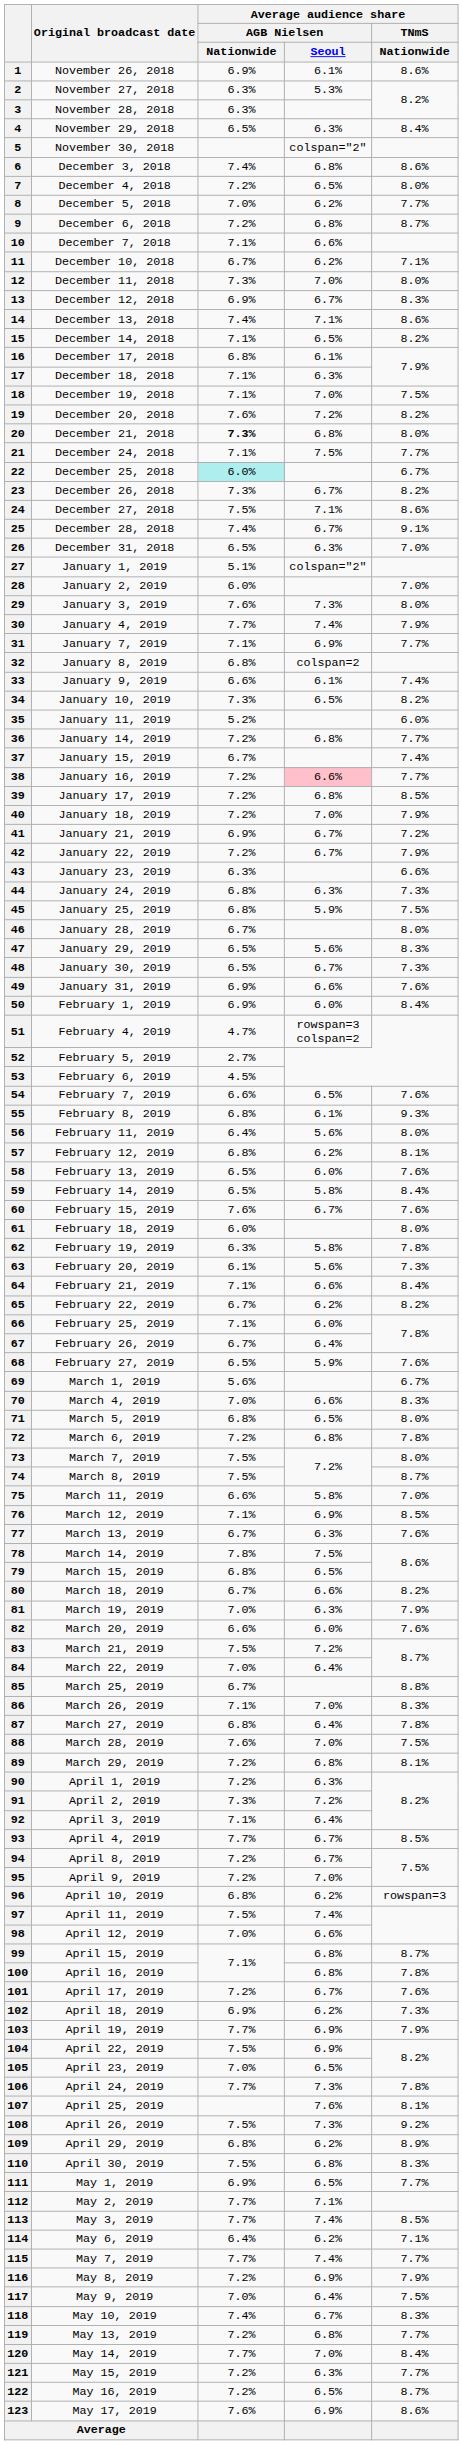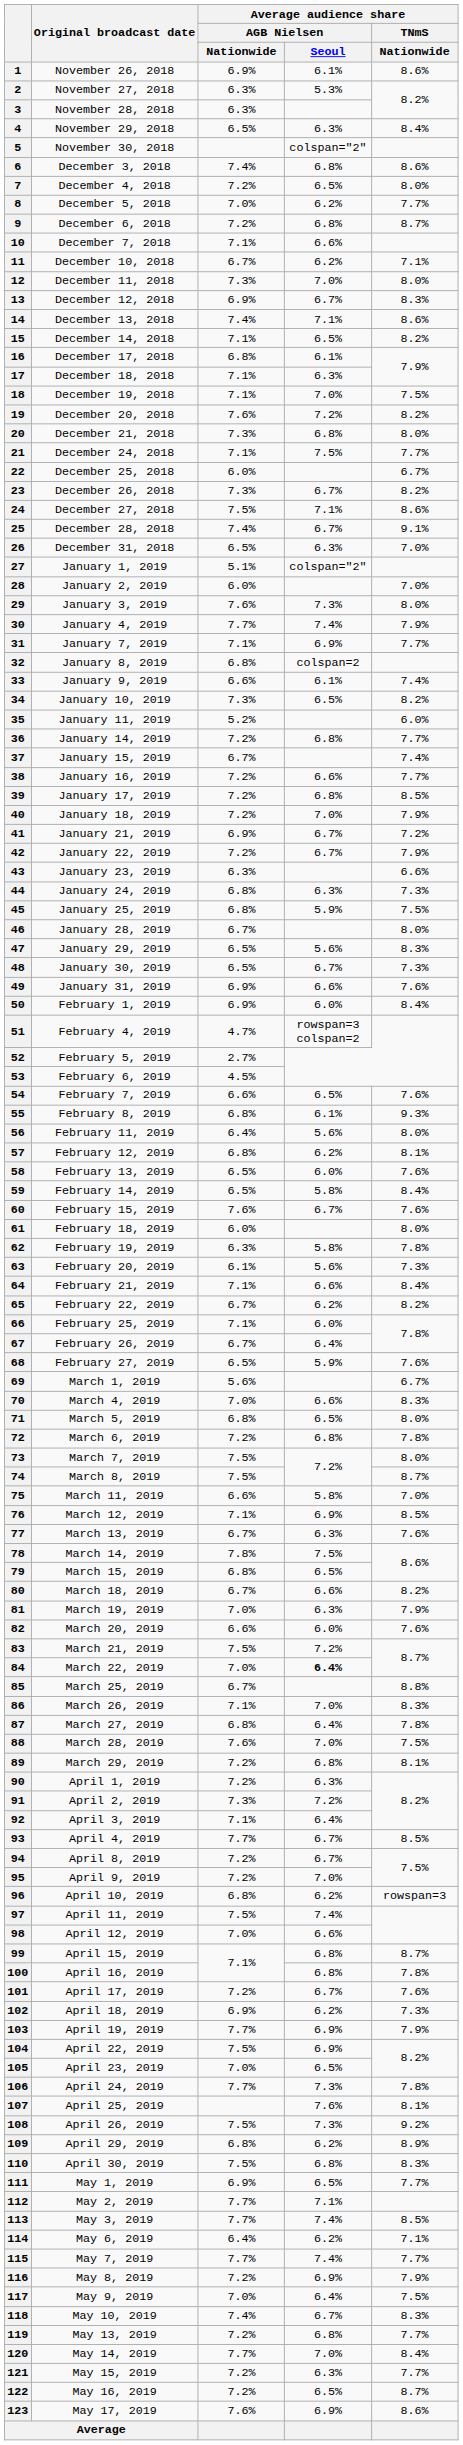 <table class="wikitable" style="text-align:center">
 <tr>
 <th rowspan="3"></th>
 <th rowspan="3">Original broadcast date</th>
 <th colspan="3">Average audience share</th>
 </tr>
 <tr>
 <th colspan="2">AGB Nielsen</th>
 <th>TNmS</th>
 </tr>
 <tr>
 <th width="90">Nationwide</th>
 <th width="90"><a href='#'>Seoul</a></th>
 <th width="90">Nationwide</th>
 </tr>
 <tr>
 <th>1</th>
 <td>November 26, 2018</td>
 <td>6.9% </td>
 <td>6.1% </td>
 <td>8.6%</td>
 </tr>
 <tr>
 <th>2</th>
 <td>November 27, 2018</td>
 <td>6.3% </td>
 <td>5.3% </td>
 <td rowspan="2">8.2%</td>
 </tr>
 <tr>
 <th>3</th>
 <td>November 28, 2018</td>
 <td>6.3% </td>
 <td></td>
 </tr>
 <tr>
 <th>4</th>
 <td>November 29, 2018</td>
 <td>6.5% </td>
 <td>6.3% </td>
 <td>8.4%</td>
 </tr>
 <tr>
 <th>5</th>
 <td>November 30, 2018</td>
 <td> </td>
 <td>colspan="2" </td>
 </tr>
 <tr>
 <th>6</th>
 <td>December 3, 2018</td>
 <td>7.4% </td>
 <td>6.8% </td>
 <td>8.6%</td>
 </tr>
 <tr>
 <th>7</th>
 <td>December 4, 2018</td>
 <td>7.2% </td>
 <td>6.5% </td>
 <td>8.0%</td>
 </tr>
 <tr>
 <th>8</th>
 <td>December 5, 2018</td>
 <td>7.0% </td>
 <td>6.2% </td>
 <td>7.7%</td>
 </tr>
 <tr>
 <th>9</th>
 <td>December 6, 2018</td>
 <td>7.2% </td>
 <td>6.8% </td>
 <td>8.7%</td>
 </tr>
 <tr>
 <th>10</th>
 <td>December 7, 2018</td>
 <td>7.1% </td>
 <td>6.6% </td>
 <td></td>
 </tr>
 <tr>
 <th>11</th>
 <td>December 10, 2018</td>
 <td>6.7% </td>
 <td>6.2% </td>
 <td>7.1%</td>
 </tr>
 <tr>
 <th>12</th>
 <td>December 11, 2018</td>
 <td>7.3% </td>
 <td>7.0% </td>
 <td>8.0%</td>
 </tr>
 <tr>
 <th>13</th>
 <td>December 12, 2018</td>
 <td>6.9% </td>
 <td>6.7% </td>
 <td>8.3%</td>
 </tr>
 <tr>
 <th>14</th>
 <td>December 13, 2018</td>
 <td>7.4% </td>
 <td>7.1% </td>
 <td>8.6%</td>
 </tr>
 <tr>
 <th>15</th>
 <td>December 14, 2018</td>
 <td>7.1% </td>
 <td>6.5% </td>
 <td>8.2%</td>
 </tr>
 <tr>
 <th>16</th>
 <td>December 17, 2018</td>
 <td>6.8% </td>
 <td>6.1% </td>
 <td rowspan="2">7.9%</td>
 </tr>
 <tr>
 <th>17</th>
 <td>December 18, 2018</td>
 <td>7.1% </td>
 <td>6.3% </td>
 </tr>
 <tr>
 <th>18</th>
 <td>December 19, 2018</td>
 <td>7.1% </td>
 <td>7.0% </td>
 <td>7.5%</td>
 </tr>
 <tr>
 <th>19</th>
 <td>December 20, 2018</td>
 <td>7.6% </td>
 <td>7.2% </td>
 <td>8.2%</td>
 </tr>
 <tr>
 <th>20</th>
 <td>December 21, 2018</td>
-<td><strong>7.3% </strong></td>
+<td>7.3% </td>
 <td>6.8% </td>
 <td>8.0%</td>
 </tr>
 <tr>
 <th>21</th>
 <td>December 24, 2018</td>
 <td>7.1% </td>
 <td>7.5% </td>
 <td>7.7%</td>
 </tr>
 <tr>
 <th>22</th>
 <td>December 25, 2018</td>
-<td style="background: paleturquoise;">6.0% </td>
+<td>6.0% </td>
 <td></td>
 <td>6.7%</td>
 </tr>
 <tr>
 <th>23</th>
 <td>December 26, 2018</td>
 <td>7.3% </td>
 <td>6.7% </td>
 <td>8.2%</td>
 </tr>
 <tr>
 <th>24</th>
 <td>December 27, 2018</td>
 <td>7.5% </td>
 <td>7.1% </td>
 <td>8.6%</td>
 </tr>
 <tr>
 <th>25</th>
 <td>December 28, 2018</td>
 <td>7.4% </td>
 <td>6.7% </td>
 <td>9.1%</td>
 </tr>
 <tr>
 <th>26</th>
 <td>December 31, 2018</td>
 <td>6.5% </td>
 <td>6.3% </td>
 <td>7.0%</td>
 </tr>
 <tr>
 <th>27</th>
 <td>January 1, 2019</td>
 <td>5.1% </td>
 <td>colspan="2" </td>
 </tr>
 <tr>
 <th>28</th>
 <td>January 2, 2019</td>
 <td>6.0% </td>
 <td></td>
 <td>7.0%</td>
 </tr>
 <tr>
 <th>29</th>
 <td>January 3, 2019</td>
 <td>7.6% </td>
 <td>7.3% </td>
 <td>8.0%</td>
 </tr>
 <tr>
 <th>30</th>
 <td>January 4, 2019</td>
 <td>7.7% </td>
 <td>7.4% </td>
 <td>7.9%</td>
 </tr>
 <tr>
 <th>31</th>
 <td>January 7, 2019</td>
 <td>7.1% </td>
 <td>6.9% </td>
 <td>7.7%</td>
 </tr>
 <tr>
 <th>32</th>
 <td>January 8, 2019</td>
 <td>6.8% </td>
 <td>colspan=2 </td>
 </tr>
 <tr>
 <th>33</th>
 <td>January 9, 2019</td>
 <td>6.6% </td>
 <td>6.1% </td>
 <td>7.4%</td>
 </tr>
 <tr>
 <th>34</th>
 <td>January 10, 2019</td>
 <td>7.3% </td>
 <td>6.5% </td>
 <td>8.2%</td>
 </tr>
 <tr>
 <th>35</th>
 <td>January 11, 2019</td>
 <td>5.2% </td>
 <td></td>
 <td>6.0%</td>
 </tr>
 <tr>
 <th>36</th>
 <td>January 14, 2019</td>
 <td>7.2% </td>
 <td>6.8% </td>
 <td>7.7%</td>
 </tr>
 <tr>
 <th>37</th>
 <td>January 15, 2019</td>
 <td>6.7% </td>
 <td></td>
 <td>7.4%</td>
 </tr>
 <tr>
 <th>38</th>
 <td>January 16, 2019</td>
 <td>7.2% </td>
-<td style="background: pink;">6.6% </td>
+<td>6.6% </td>
 <td>7.7%</td>
 </tr>
 <tr>
 <th>39</th>
 <td>January 17, 2019</td>
 <td>7.2% </td>
 <td>6.8% </td>
 <td>8.5%</td>
 </tr>
 <tr>
 <th>40</th>
 <td>January 18, 2019</td>
 <td>7.2% </td>
 <td>7.0% </td>
 <td>7.9%</td>
 </tr>
 <tr>
 <th>41</th>
 <td>January 21, 2019</td>
 <td>6.9% </td>
 <td>6.7% </td>
 <td>7.2%</td>
 </tr>
 <tr>
 <th>42</th>
 <td>January 22, 2019</td>
 <td>7.2% </td>
 <td>6.7% </td>
 <td>7.9%</td>
 </tr>
 <tr>
 <th>43</th>
 <td>January 23, 2019</td>
 <td>6.3% </td>
 <td></td>
 <td>6.6%</td>
 </tr>
 <tr>
 <th>44</th>
 <td>January 24, 2019</td>
 <td>6.8% </td>
 <td>6.3% </td>
 <td>7.3%</td>
 </tr>
 <tr>
 <th>45</th>
 <td>January 25, 2019</td>
 <td>6.8% </td>
 <td>5.9% </td>
 <td>7.5%</td>
 </tr>
 <tr>
 <th>46</th>
 <td>January 28, 2019</td>
 <td>6.7% </td>
 <td></td>
 <td>8.0%</td>
 </tr>
 <tr>
 <th>47</th>
 <td>January 29, 2019</td>
 <td>6.5% </td>
 <td>5.6% </td>
 <td>8.3%</td>
 </tr>
 <tr>
 <th>48</th>
 <td>January 30, 2019</td>
 <td>6.5% </td>
 <td>6.7% </td>
 <td>7.3%</td>
 </tr>
 <tr>
 <th>49</th>
 <td>January 31, 2019</td>
 <td>6.9% </td>
 <td>6.6% </td>
 <td>7.6%</td>
 </tr>
 <tr>
 <th>50</th>
 <td>February 1, 2019</td>
 <td>6.9% </td>
 <td>6.0% </td>
 <td>8.4%</td>
 </tr>
 <tr>
 <th>51</th>
 <td>February 4, 2019</td>
 <td>4.7% </td>
 <td>rowspan=3 colspan=2 </td>
 </tr>
 <tr>
 <th>52</th>
 <td>February 5, 2019</td>
 <td>2.7% </td>
 </tr>
 <tr>
 <th>53</th>
 <td>February 6, 2019</td>
 <td>4.5% </td>
 </tr>
 <tr>
 <th>54</th>
 <td>February 7, 2019</td>
 <td>6.6% </td>
 <td>6.5% </td>
 <td>7.6%</td>
 </tr>
 <tr>
 <th>55</th>
 <td>February 8, 2019</td>
 <td>6.8% </td>
 <td>6.1% </td>
 <td>9.3%</td>
 </tr>
 <tr>
 <th>56</th>
 <td>February 11, 2019</td>
 <td>6.4% </td>
 <td>5.6% </td>
 <td>8.0%</td>
 </tr>
 <tr>
 <th>57</th>
 <td>February 12, 2019</td>
 <td>6.8% </td>
 <td>6.2% </td>
 <td>8.1%</td>
 </tr>
 <tr>
 <th>58</th>
 <td>February 13, 2019</td>
 <td>6.5% </td>
 <td>6.0% </td>
 <td>7.6%</td>
 </tr>
 <tr>
 <th>59</th>
 <td>February 14, 2019</td>
 <td>6.5% </td>
 <td>5.8% </td>
 <td>8.4%</td>
 </tr>
 <tr>
 <th>60</th>
 <td>February 15, 2019</td>
 <td>7.6% </td>
 <td>6.7% </td>
 <td>7.6%</td>
 </tr>
 <tr>
 <th>61</th>
 <td>February 18, 2019</td>
 <td>6.0% </td>
 <td></td>
 <td>8.0%</td>
 </tr>
 <tr>
 <th>62</th>
 <td>February 19, 2019</td>
 <td>6.3% </td>
 <td>5.8% </td>
 <td>7.8%</td>
 </tr>
 <tr>
 <th>63</th>
 <td>February 20, 2019</td>
 <td>6.1% </td>
 <td>5.6% </td>
 <td>7.3%</td>
 </tr>
 <tr>
 <th>64</th>
 <td>February 21, 2019</td>
 <td>7.1% </td>
 <td>6.6% </td>
 <td>8.4%</td>
 </tr>
 <tr>
 <th>65</th>
 <td>February 22, 2019</td>
 <td>6.7% </td>
 <td>6.2% </td>
 <td>8.2%</td>
 </tr>
 <tr>
 <th>66</th>
 <td>February 25, 2019</td>
 <td>7.1% </td>
 <td>6.0% </td>
 <td rowspan=2>7.8%</td>
 </tr>
 <tr>
 <th>67</th>
 <td>February 26, 2019</td>
 <td>6.7% </td>
 <td>6.4% </td>
 </tr>
 <tr>
 <th>68</th>
 <td>February 27, 2019</td>
 <td>6.5% </td>
 <td>5.9% </td>
 <td>7.6%</td>
 </tr>
 <tr>
 <th>69</th>
 <td>March 1, 2019</td>
 <td>5.6% </td>
 <td></td>
 <td>6.7%</td>
 </tr>
 <tr>
 <th>70</th>
 <td>March 4, 2019</td>
 <td>7.0% </td>
 <td>6.6% </td>
 <td>8.3%</td>
 </tr>
 <tr>
 <th>71</th>
 <td>March 5, 2019</td>
 <td>6.8% </td>
 <td>6.5% </td>
 <td>8.0%</td>
 </tr>
 <tr>
 <th>72</th>
 <td>March 6, 2019</td>
 <td>7.2% </td>
 <td>6.8% </td>
 <td>7.8%</td>
 </tr>
 <tr>
 <th>73</th>
 <td>March 7, 2019</td>
 <td>7.5% </td>
 <td rowspan=2>7.2% </td>
 <td>8.0%</td>
 </tr>
 <tr>
 <th>74</th>
 <td>March 8, 2019</td>
 <td>7.5% </td>
 <td>8.7%</td>
 </tr>
 <tr>
 <th>75</th>
 <td>March 11, 2019</td>
 <td>6.6% </td>
 <td>5.8% </td>
 <td>7.0%</td>
 </tr>
 <tr>
 <th>76</th>
 <td>March 12, 2019</td>
 <td>7.1% </td>
 <td>6.9% </td>
 <td>8.5%</td>
 </tr>
 <tr>
 <th>77</th>
 <td>March 13, 2019</td>
 <td>6.7% </td>
 <td>6.3% </td>
 <td>7.6%</td>
 </tr>
 <tr>
 <th>78</th>
 <td>March 14, 2019</td>
 <td>7.8% </td>
 <td>7.5% </td>
 <td rowspan=2>8.6%</td>
 </tr>
 <tr>
 <th>79</th>
 <td>March 15, 2019</td>
 <td>6.8% </td>
 <td>6.5% </td>
 </tr>
 <tr>
 <th>80</th>
 <td>March 18, 2019</td>
 <td>6.7% </td>
 <td>6.6% </td>
 <td>8.2%</td>
 </tr>
 <tr>
 <th>81</th>
 <td>March 19, 2019</td>
 <td>7.0% </td>
 <td>6.3% </td>
 <td>7.9%</td>
 </tr>
 <tr>
 <th>82</th>
 <td>March 20, 2019</td>
 <td>6.6% </td>
 <td>6.0% </td>
 <td>7.6%</td>
 </tr>
 <tr>
 <th>83</th>
 <td>March 21, 2019</td>
 <td>7.5% </td>
 <td>7.2% </td>
 <td rowspan=2>8.7%</td>
 </tr>
 <tr>
 <th>84</th>
 <td>March 22, 2019</td>
 <td>7.0% </td>
-<td>6.4% </td>
+<td><strong>6.4% </strong></td>
 </tr>
 <tr>
 <th>85</th>
 <td>March 25, 2019</td>
 <td>6.7% </td>
 <td></td>
 <td>8.8%</td>
 </tr>
 <tr>
 <th>86</th>
 <td>March 26, 2019</td>
 <td>7.1% </td>
 <td>7.0% </td>
 <td>8.3%</td>
 </tr>
 <tr>
 <th>87</th>
 <td>March 27, 2019</td>
 <td>6.8% </td>
 <td>6.4% </td>
 <td>7.8%</td>
 </tr>
 <tr>
 <th>88</th>
 <td>March 28, 2019</td>
 <td>7.6% </td>
 <td>7.0% </td>
 <td>7.5%</td>
 </tr>
 <tr>
 <th>89</th>
 <td>March 29, 2019</td>
 <td>7.2% </td>
 <td>6.8% </td>
 <td>8.1%</td>
 </tr>
 <tr>
 <th>90</th>
 <td>April 1, 2019</td>
 <td>7.2% </td>
 <td>6.3% </td>
 <td rowspan=3>8.2%</td>
 </tr>
 <tr>
 <th>91</th>
 <td>April 2, 2019</td>
 <td>7.3% </td>
 <td>7.2% </td>
 </tr>
 <tr>
 <th>92</th>
 <td>April 3, 2019</td>
 <td>7.1% </td>
 <td>6.4% </td>
 </tr>
 <tr>
 <th>93</th>
 <td>April 4, 2019</td>
 <td>7.7% </td>
 <td>6.7% </td>
 <td>8.5%</td>
 </tr>
 <tr>
 <th>94</th>
 <td>April 8, 2019</td>
 <td>7.2% </td>
 <td>6.7% </td>
 <td rowspan=2>7.5%</td>
 </tr>
 <tr>
 <th>95</th>
 <td>April 9, 2019</td>
 <td>7.2% </td>
 <td>7.0% </td>
 </tr>
 <tr>
 <th>96</th>
 <td>April 10, 2019</td>
 <td>6.8% </td>
 <td>6.2% </td>
 <td>rowspan=3 </td>
 </tr>
 <tr>
 <th>97</th>
 <td>April 11, 2019</td>
 <td>7.5% </td>
 <td>7.4% </td>
 </tr>
 <tr>
 <th>98</th>
 <td>April 12, 2019</td>
 <td>7.0% </td>
 <td>6.6% </td>
 </tr>
 <tr>
 <th>99</th>
 <td>April 15, 2019</td>
 <td rowspan=2>7.1% </td>
 <td>6.8% </td>
 <td>8.7%</td>
 </tr>
 <tr>
 <th>100</th>
 <td>April 16, 2019</td>
 <td>6.8% </td>
 <td>7.8%</td>
 </tr>
 <tr>
 <th>101</th>
 <td>April 17, 2019</td>
 <td>7.2% </td>
 <td>6.7% </td>
 <td>7.6%</td>
 </tr>
 <tr>
 <th>102</th>
 <td>April 18, 2019</td>
 <td>6.9% </td>
 <td>6.2% </td>
 <td>7.3%</td>
 </tr>
 <tr>
 <th>103</th>
 <td>April 19, 2019</td>
 <td>7.7% </td>
 <td>6.9% </td>
 <td>7.9%</td>
 </tr>
 <tr>
 <th>104</th>
 <td>April 22, 2019</td>
 <td>7.5% </td>
 <td>6.9% </td>
 <td rowspan=2>8.2%</td>
 </tr>
 <tr>
 <th>105</th>
 <td>April 23, 2019</td>
 <td>7.0% </td>
 <td>6.5% </td>
 </tr>
 <tr>
 <th>106</th>
 <td>April 24, 2019</td>
 <td>7.7% </td>
 <td>7.3% </td>
 <td>7.8%</td>
 </tr>
 <tr>
 <th>107</th>
 <td>April 25, 2019</td>
 <td> </td>
 <td>7.6% </td>
 <td>8.1%</td>
 </tr>
 <tr>
 <th>108</th>
 <td>April 26, 2019</td>
 <td>7.5% </td>
 <td>7.3% </td>
 <td>9.2%</td>
 </tr>
 <tr>
 <th>109</th>
 <td>April 29, 2019</td>
 <td>6.8% </td>
 <td>6.2% </td>
 <td>8.9%</td>
 </tr>
 <tr>
 <th>110</th>
 <td>April 30, 2019</td>
 <td>7.5% </td>
 <td>6.8% </td>
 <td>8.3%</td>
 </tr>
 <tr>
 <th>111</th>
 <td>May 1, 2019</td>
 <td>6.9% </td>
 <td>6.5% </td>
 <td>7.7%</td>
 </tr>
 <tr>
 <th>112</th>
 <td>May 2, 2019</td>
 <td>7.7% </td>
 <td>7.1% </td>
 <td></td>
 </tr>
 <tr>
 <th>113</th>
 <td>May 3, 2019</td>
 <td>7.7% </td>
 <td>7.4% </td>
 <td>8.5%</td>
 </tr>
 <tr>
 <th>114</th>
 <td>May 6, 2019</td>
 <td>6.4% </td>
 <td>6.2% </td>
 <td>7.1%</td>
 </tr>
 <tr>
 <th>115</th>
 <td>May 7, 2019</td>
 <td>7.7% </td>
 <td>7.4% </td>
 <td>7.7%</td>
 </tr>
 <tr>
 <th>116</th>
 <td>May 8, 2019</td>
 <td>7.2% </td>
 <td>6.9% </td>
 <td>7.9%</td>
 </tr>
 <tr>
 <th>117</th>
 <td>May 9, 2019</td>
 <td>7.0% </td>
 <td>6.4% </td>
 <td>7.5%</td>
 </tr>
 <tr>
 <th>118</th>
 <td>May 10, 2019</td>
 <td>7.4% </td>
 <td>6.7% </td>
 <td>8.3%</td>
 </tr>
 <tr>
 <th>119</th>
 <td>May 13, 2019</td>
 <td>7.2% </td>
 <td>6.8% </td>
 <td>7.7%</td>
 </tr>
 <tr>
 <th>120</th>
 <td>May 14, 2019</td>
 <td>7.7% </td>
 <td>7.0% </td>
 <td>8.4%</td>
 </tr>
 <tr>
 <th>121</th>
 <td>May 15, 2019</td>
 <td>7.2% </td>
 <td>6.3% </td>
 <td>7.7%</td>
 </tr>
 <tr>
 <th>122</th>
 <td>May 16, 2019</td>
 <td>7.2% </td>
 <td>6.5% </td>
 <td>8.7%</td>
 </tr>
 <tr>
 <th>123</th>
 <td>May 17, 2019</td>
 <td>7.6% </td>
 <td>6.9% </td>
 <td>8.6%</td>
 </tr>
 <tr>
 <th colspan="2">Average</th>
 <th></th>
 <th></th>
 <th></th>
 </tr>
 </table>
